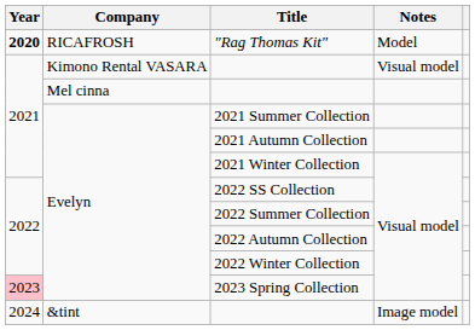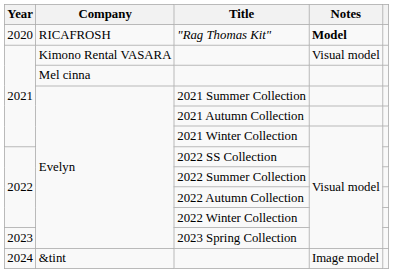 <table class="wikitable sortable">
 <tr>
 <th>Year</th>
 <th>Company</th>
 <th>Title</th>
 <th class="unsortable">Notes</th>
 <th class="unsortable"></th>
 </tr>
 <tr>
-<td><strong>2020</strong></td>
+<td>2020</td>
 <td>RICAFROSH</td>
 <td><em>"Rag Thomas Kit"</em></td>
-<td>Model</td>
+<td><strong>Model</strong></td>
 <td></td>
 </tr>
 <tr>
 <td rowspan="5">2021</td>
 <td>Kimono Rental VASARA</td>
 <td></td>
 <td>Visual model</td>
 <td></td>
 </tr>
 <tr>
 <td>Mel cinna</td>
 <td></td>
 <td></td>
 <td></td>
 </tr>
 <tr>
 <td rowspan="8">Evelyn</td>
 <td>2021 Summer Collection</td>
 <td></td>
 <td></td>
 </tr>
 <tr>
 <td>2021 Autumn Collection</td>
 <td></td>
 <td></td>
 </tr>
 <tr>
 <td>2021 Winter Collection</td>
 <td rowspan="6">Visual model</td>
 <td></td>
 </tr>
 <tr>
 <td rowspan="4">2022</td>
 <td>2022 SS Collection</td>
 <td></td>
 </tr>
 <tr>
 <td>2022 Summer Collection</td>
 <td></td>
 </tr>
 <tr>
 <td>2022 Autumn Collection</td>
 <td></td>
 </tr>
 <tr>
 <td>2022 Winter Collection</td>
 <td></td>
 </tr>
 <tr>
-<td style="background: pink;">2023</td>
+<td>2023</td>
 <td>2023 Spring Collection</td>
 <td></td>
 </tr>
 <tr>
 <td>2024</td>
 <td>&tint</td>
 <td></td>
 <td>Image model</td>
 <td></td>
 </tr>
 </table>
